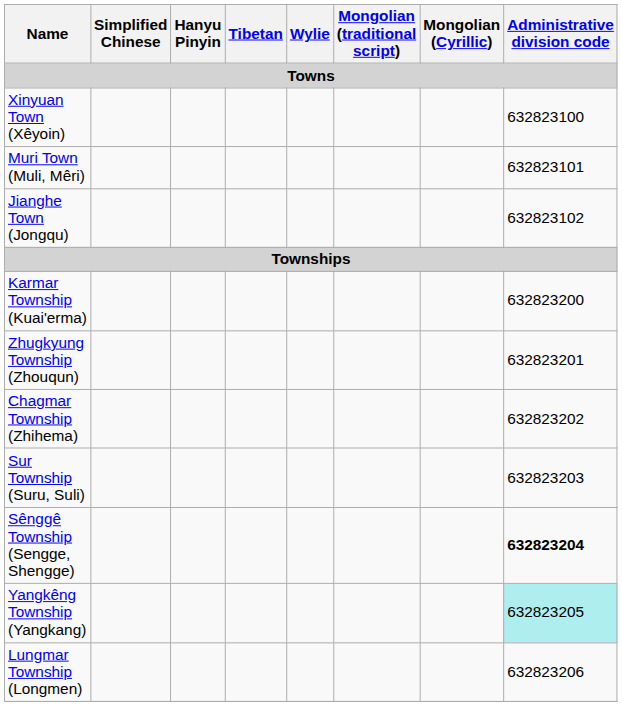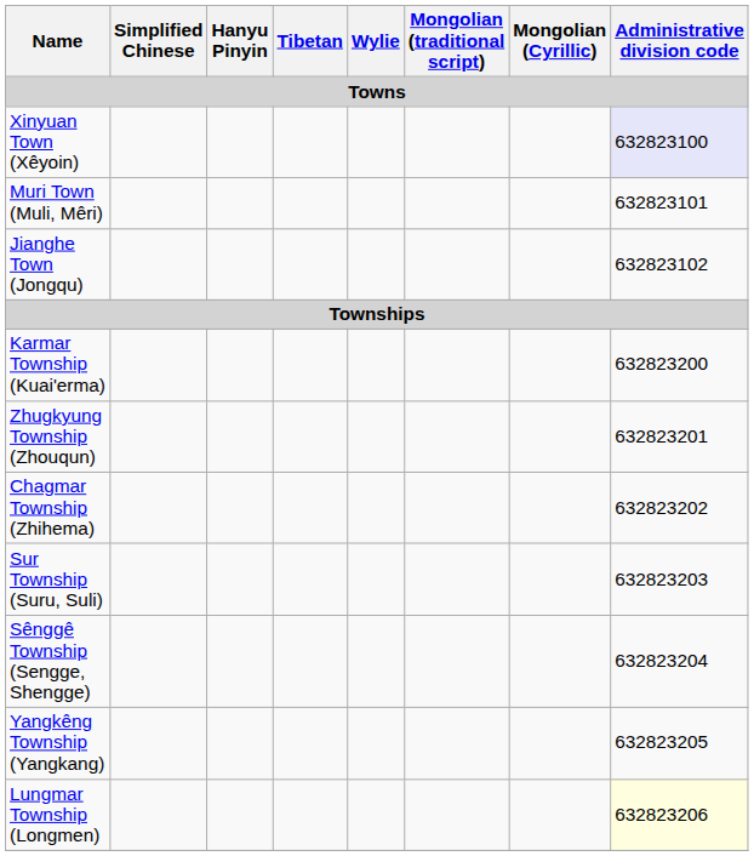 <table class="wikitable" align="center" style="width:50%; border="1">
 <tr>
 <th>Name</th>
 <th>Simplified Chinese</th>
 <th>Hanyu Pinyin</th>
 <th><a href='#'>Tibetan</a></th>
 <th><a href='#'>Wylie</a></th>
 <th><a href='#'>Mongolian</a> (<a href='#'>traditional script</a>)</th>
 <th>Mongolian (<a href='#'>Cyrillic</a>)</th>
 <th><a href='#'>Administrative division code</a></th>
 </tr>
 <tr>
 <td colspan="8"  style="text-align:center; background:#d3d3d3;"><strong>Towns</strong></td>
 </tr>
 <tr --------->
 <td><a href='#'>Xinyuan Town</a><br>(Xêyoin)</td>
 <td></td>
 <td></td>
 <td></td>
 <td></td>
 <td></td>
 <td></td>
-<td>632823100</td>
+<td style="background: lavender;">632823100</td>
 </tr>
 <tr>
 <td><a href='#'>Muri Town</a><br>(Muli, Mêri)</td>
 <td></td>
 <td></td>
 <td></td>
 <td></td>
 <td></td>
 <td></td>
 <td>632823101</td>
 </tr>
 <tr>
 <td><a href='#'>Jianghe Town</a><br>(Jongqu)</td>
 <td></td>
 <td></td>
 <td></td>
 <td></td>
 <td></td>
 <td></td>
 <td>632823102</td>
 </tr>
 <tr>
 <td colspan="8"  style="text-align:center; background:#d3d3d3;"><strong>Townships</strong></td>
 </tr>
 <tr --------->
 <td><a href='#'>Karmar Township</a><br>(Kuai'erma)</td>
 <td></td>
 <td></td>
 <td></td>
 <td></td>
 <td></td>
 <td></td>
 <td>632823200</td>
 </tr>
 <tr>
 <td><a href='#'>Zhugkyung Township</a><br>(Zhouqun)</td>
 <td></td>
 <td></td>
 <td></td>
 <td></td>
 <td></td>
 <td></td>
 <td>632823201</td>
 </tr>
 <tr>
 <td><a href='#'>Chagmar Township</a><br>(Zhihema)</td>
 <td></td>
 <td></td>
 <td></td>
 <td></td>
 <td></td>
 <td></td>
 <td>632823202</td>
 </tr>
 <tr>
 <td><a href='#'>Sur Township</a><br>(Suru, Suli)</td>
 <td></td>
 <td></td>
 <td></td>
 <td></td>
 <td></td>
 <td></td>
 <td>632823203</td>
 </tr>
 <tr>
 <td><a href='#'>Sênggê Township</a><br>(Sengge, Shengge)</td>
 <td></td>
 <td></td>
 <td></td>
 <td></td>
 <td></td>
 <td></td>
-<td><strong>632823204</strong></td>
+<td>632823204</td>
 </tr>
 <tr>
 <td><a href='#'>Yangkêng Township</a><br>(Yangkang)</td>
 <td></td>
 <td></td>
 <td></td>
 <td></td>
 <td></td>
 <td></td>
-<td style="background: paleturquoise;">632823205</td>
+<td>632823205</td>
 </tr>
 <tr>
 <td><a href='#'>Lungmar Township</a><br>(Longmen)</td>
 <td></td>
 <td></td>
 <td></td>
 <td></td>
 <td></td>
 <td></td>
-<td>632823206</td>
+<td style="background: lightyellow;">632823206</td>
 </tr>
 <tr>
 </tr>
 </table>
